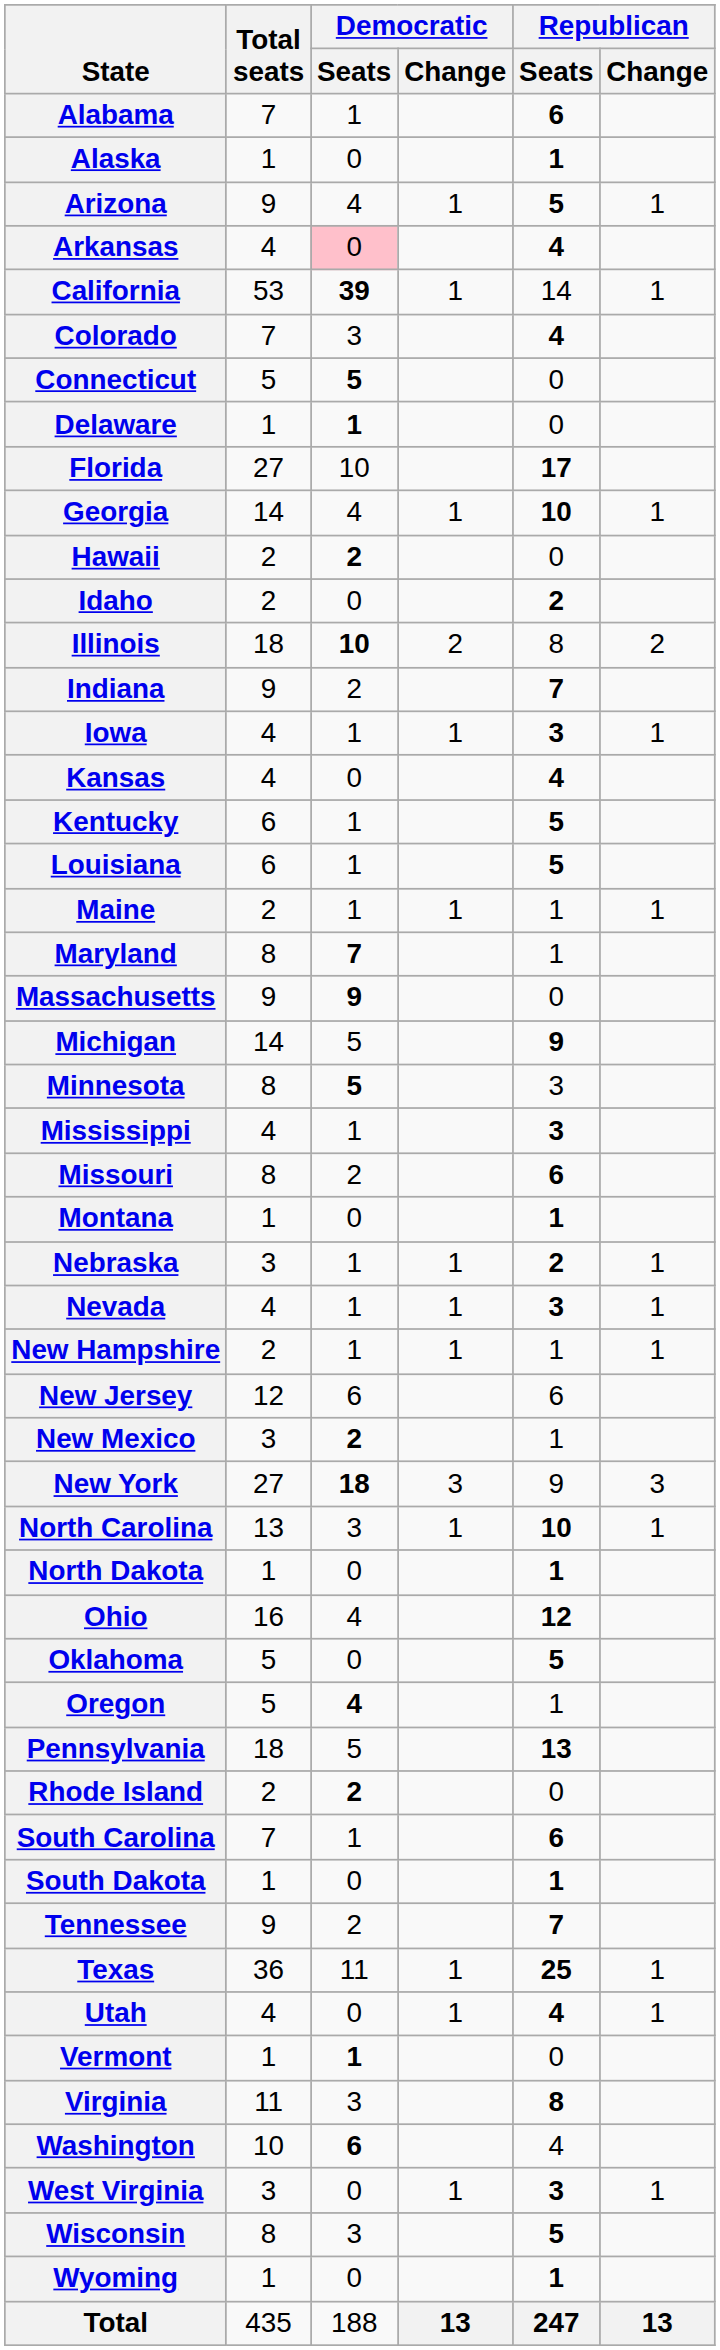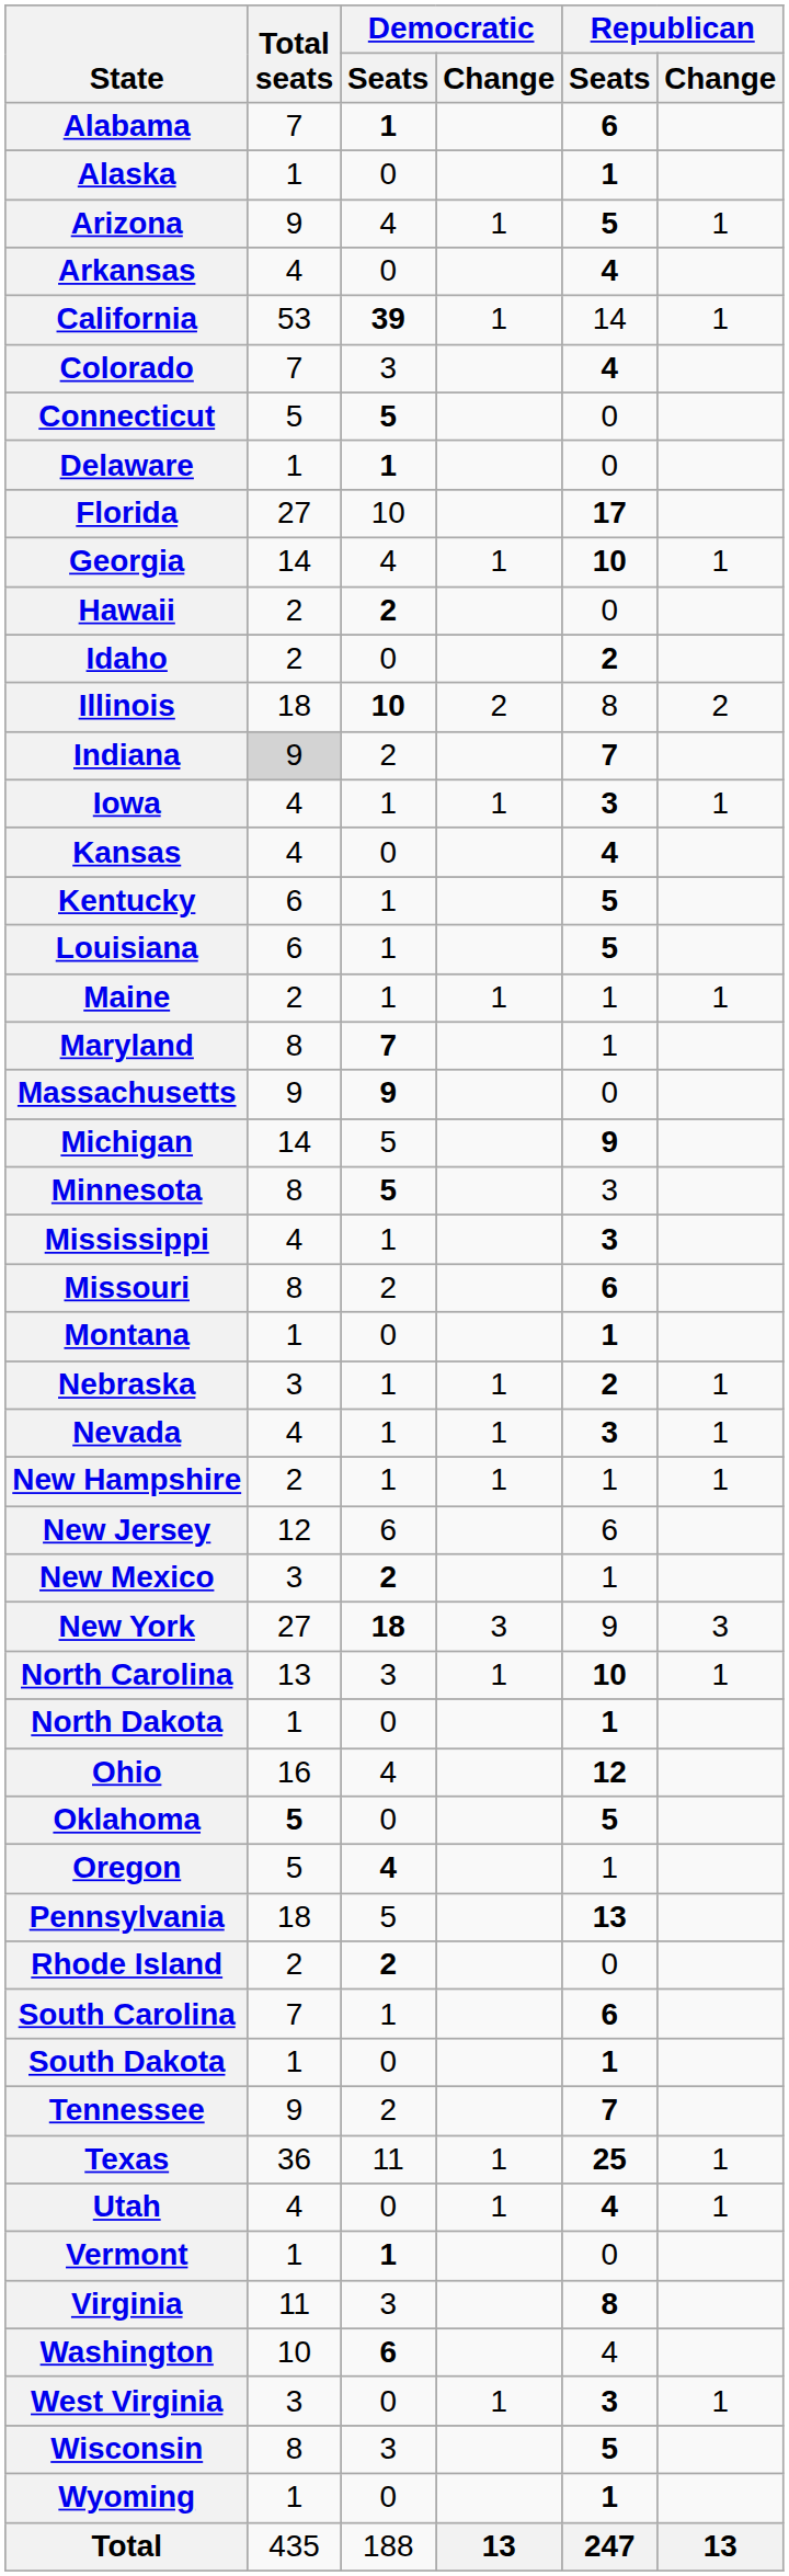 <table class=wikitable style="text-align:center">
 <tr valign=bottom>
 <th rowspan=2>State</th>
 <th rowspan=2>Total<br>seats</th>
 <th colspan=2 ><a href='#'>Democratic</a></th>
 <th colspan=2 ><a href='#'>Republican</a></th>
 </tr>
 <tr>
 <th>Seats</th>
 <th>Change</th>
 <th>Seats</th>
 <th>Change</th>
 </tr>
 <tr>
 <th><a href='#'>Alabama</a></th>
 <td>7</td>
-<td>1</td>
+<td><strong>1</strong></td>
 <td></td>
 <td><strong>6</strong></td>
 <td></td>
 </tr>
 <tr>
 <th><a href='#'>Alaska</a></th>
 <td>1</td>
 <td>0</td>
 <td></td>
 <td><strong>1</strong></td>
 <td></td>
 </tr>
 <tr>
 <th><a href='#'>Arizona</a></th>
 <td>9</td>
 <td>4</td>
 <td>1</td>
 <td><strong>5</strong></td>
 <td>1</td>
 </tr>
 <tr>
 <th><a href='#'>Arkansas</a></th>
 <td>4</td>
-<td style="background: pink;">0</td>
+<td>0</td>
 <td></td>
 <td><strong>4</strong></td>
 <td></td>
 </tr>
 <tr>
 <th><a href='#'>California</a></th>
 <td>53</td>
 <td><strong>39</strong></td>
 <td>1</td>
 <td>14</td>
 <td>1</td>
 </tr>
 <tr>
 <th><a href='#'>Colorado</a></th>
 <td>7</td>
 <td>3</td>
 <td></td>
 <td><strong>4</strong></td>
 <td></td>
 </tr>
 <tr>
 <th><a href='#'>Connecticut</a></th>
 <td>5</td>
 <td><strong>5</strong></td>
 <td></td>
 <td>0</td>
 <td></td>
 </tr>
 <tr>
 <th><a href='#'>Delaware</a></th>
 <td>1</td>
 <td><strong>1</strong></td>
 <td></td>
 <td>0</td>
 <td></td>
 </tr>
 <tr>
 <th><a href='#'>Florida</a></th>
 <td>27</td>
 <td>10</td>
 <td></td>
 <td><strong>17</strong></td>
 <td></td>
 </tr>
 <tr>
 <th><a href='#'>Georgia</a></th>
 <td>14</td>
 <td>4</td>
 <td>1</td>
 <td><strong>10</strong></td>
 <td>1</td>
 </tr>
 <tr>
 <th><a href='#'>Hawaii</a></th>
 <td>2</td>
 <td><strong>2</strong></td>
 <td></td>
 <td>0</td>
 <td></td>
 </tr>
 <tr>
 <th><a href='#'>Idaho</a></th>
 <td>2</td>
 <td>0</td>
 <td></td>
 <td><strong>2</strong></td>
 <td></td>
 </tr>
 <tr>
 <th><a href='#'>Illinois</a></th>
 <td>18</td>
 <td><strong>10</strong></td>
 <td>2</td>
 <td>8</td>
 <td>2</td>
 </tr>
 <tr>
 <th><a href='#'>Indiana</a></th>
-<td>9</td>
+<td style="background: lightgrey;">9</td>
 <td>2</td>
 <td></td>
 <td><strong>7</strong></td>
 <td></td>
 </tr>
 <tr>
 <th><a href='#'>Iowa</a></th>
 <td>4</td>
 <td>1</td>
 <td>1</td>
 <td><strong>3</strong></td>
 <td>1</td>
 </tr>
 <tr>
 <th><a href='#'>Kansas</a></th>
 <td>4</td>
 <td>0</td>
 <td></td>
 <td><strong>4</strong></td>
 <td></td>
 </tr>
 <tr>
 <th><a href='#'>Kentucky</a></th>
 <td>6</td>
 <td>1</td>
 <td></td>
 <td><strong>5</strong></td>
 <td></td>
 </tr>
 <tr>
 <th><a href='#'>Louisiana</a></th>
 <td>6</td>
 <td>1</td>
 <td></td>
 <td><strong>5</strong></td>
 <td></td>
 </tr>
 <tr>
 <th><a href='#'>Maine</a></th>
 <td>2</td>
 <td>1</td>
 <td>1</td>
 <td>1</td>
 <td>1</td>
 </tr>
 <tr>
 <th><a href='#'>Maryland</a></th>
 <td>8</td>
 <td><strong>7</strong></td>
 <td></td>
 <td>1</td>
 <td></td>
 </tr>
 <tr>
 <th><a href='#'>Massachusetts</a></th>
 <td>9</td>
 <td><strong>9</strong></td>
 <td></td>
 <td>0</td>
 <td></td>
 </tr>
 <tr>
 <th><a href='#'>Michigan</a></th>
 <td>14</td>
 <td>5</td>
 <td></td>
 <td><strong>9</strong></td>
 <td></td>
 </tr>
 <tr>
 <th><a href='#'>Minnesota</a></th>
 <td>8</td>
 <td><strong>5</strong></td>
 <td></td>
 <td>3</td>
 <td></td>
 </tr>
 <tr>
 <th><a href='#'>Mississippi</a></th>
 <td>4</td>
 <td>1</td>
 <td></td>
 <td><strong>3</strong></td>
 <td></td>
 </tr>
 <tr>
 <th><a href='#'>Missouri</a></th>
 <td>8</td>
 <td>2</td>
 <td></td>
 <td><strong>6</strong></td>
 <td></td>
 </tr>
 <tr>
 <th><a href='#'>Montana</a></th>
 <td>1</td>
 <td>0</td>
 <td></td>
 <td><strong>1</strong></td>
 <td></td>
 </tr>
 <tr>
 <th><a href='#'>Nebraska</a></th>
 <td>3</td>
 <td>1</td>
 <td>1</td>
 <td><strong>2</strong></td>
 <td>1</td>
 </tr>
 <tr>
 <th><a href='#'>Nevada</a></th>
 <td>4</td>
 <td>1</td>
 <td>1</td>
 <td><strong>3</strong></td>
 <td>1</td>
 </tr>
 <tr>
 <th><a href='#'>New Hampshire</a></th>
 <td>2</td>
 <td>1</td>
 <td>1</td>
 <td>1</td>
 <td>1</td>
 </tr>
 <tr>
 <th><a href='#'>New Jersey</a></th>
 <td>12</td>
 <td>6</td>
 <td></td>
 <td>6</td>
 <td></td>
 </tr>
 <tr>
 <th><a href='#'>New Mexico</a></th>
 <td>3</td>
 <td><strong>2</strong></td>
 <td></td>
 <td>1</td>
 <td></td>
 </tr>
 <tr>
 <th><a href='#'>New York</a></th>
 <td>27</td>
 <td><strong>18</strong></td>
 <td>3</td>
 <td>9</td>
 <td>3</td>
 </tr>
 <tr>
 <th><a href='#'>North Carolina</a></th>
 <td>13</td>
 <td>3</td>
 <td>1</td>
 <td><strong>10</strong></td>
 <td>1</td>
 </tr>
 <tr>
 <th><a href='#'>North Dakota</a></th>
 <td>1</td>
 <td>0</td>
 <td></td>
 <td><strong>1</strong></td>
 <td></td>
 </tr>
 <tr>
 <th><a href='#'>Ohio</a></th>
 <td>16</td>
 <td>4</td>
 <td></td>
 <td><strong>12</strong></td>
 <td></td>
 </tr>
 <tr>
 <th><a href='#'>Oklahoma</a></th>
-<td>5</td>
+<td><strong>5</strong></td>
 <td>0</td>
 <td></td>
 <td><strong>5</strong></td>
 <td></td>
 </tr>
 <tr>
 <th><a href='#'>Oregon</a></th>
 <td>5</td>
 <td><strong>4</strong></td>
 <td></td>
 <td>1</td>
 <td></td>
 </tr>
 <tr>
 <th><a href='#'>Pennsylvania</a></th>
 <td>18</td>
 <td>5</td>
 <td></td>
 <td><strong>13</strong></td>
 <td></td>
 </tr>
 <tr>
 <th><a href='#'>Rhode Island</a></th>
 <td>2</td>
 <td><strong>2</strong></td>
 <td></td>
 <td>0</td>
 <td></td>
 </tr>
 <tr>
 <th><a href='#'>South Carolina</a></th>
 <td>7</td>
 <td>1</td>
 <td></td>
 <td><strong>6</strong></td>
 <td></td>
 </tr>
 <tr>
 <th><a href='#'>South Dakota</a></th>
 <td>1</td>
 <td>0</td>
 <td></td>
 <td><strong>1</strong></td>
 <td></td>
 </tr>
 <tr>
 <th><a href='#'>Tennessee</a></th>
 <td>9</td>
 <td>2</td>
 <td></td>
 <td><strong>7</strong></td>
 <td></td>
 </tr>
 <tr>
 <th><a href='#'>Texas</a></th>
 <td>36</td>
 <td>11</td>
 <td>1</td>
 <td><strong>25</strong></td>
 <td>1</td>
 </tr>
 <tr>
 <th><a href='#'>Utah</a></th>
 <td>4</td>
 <td>0</td>
 <td>1</td>
 <td><strong>4</strong></td>
 <td>1</td>
 </tr>
 <tr>
 <th><a href='#'>Vermont</a></th>
 <td>1</td>
 <td><strong>1</strong></td>
 <td></td>
 <td>0</td>
 <td></td>
 </tr>
 <tr>
 <th><a href='#'>Virginia</a></th>
 <td>11</td>
 <td>3</td>
 <td></td>
 <td><strong>8</strong></td>
 <td></td>
 </tr>
 <tr>
 <th><a href='#'>Washington</a></th>
 <td>10</td>
 <td><strong>6</strong></td>
 <td></td>
 <td>4</td>
 <td></td>
 </tr>
 <tr>
 <th><a href='#'>West Virginia</a></th>
 <td>3</td>
 <td>0</td>
 <td>1</td>
 <td><strong>3</strong></td>
 <td>1</td>
 </tr>
 <tr>
 <th><a href='#'>Wisconsin</a></th>
 <td>8</td>
 <td>3</td>
 <td></td>
 <td><strong>5</strong></td>
 <td></td>
 </tr>
 <tr>
 <th><a href='#'>Wyoming</a></th>
 <td>1</td>
 <td>0</td>
 <td></td>
 <td><strong>1</strong></td>
 <td></td>
 </tr>
 <tr>
 <th>Total</th>
 <td>435</td>
 <td>188</td>
 <th>13</th>
 <th>247</th>
 <th>13</th>
 </tr>
 </table>
